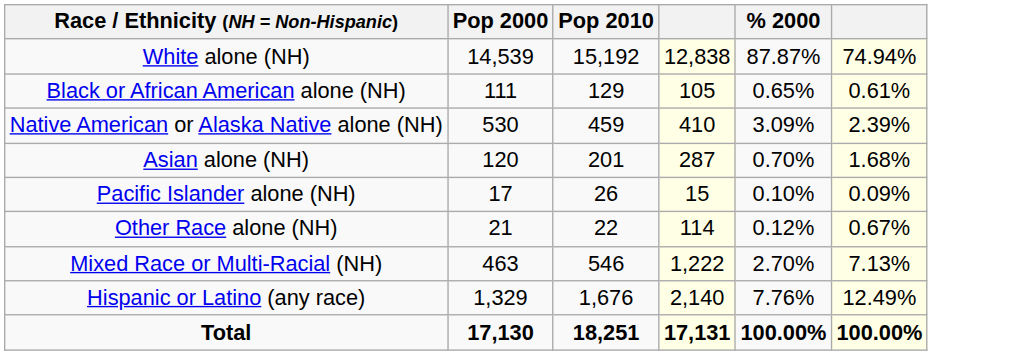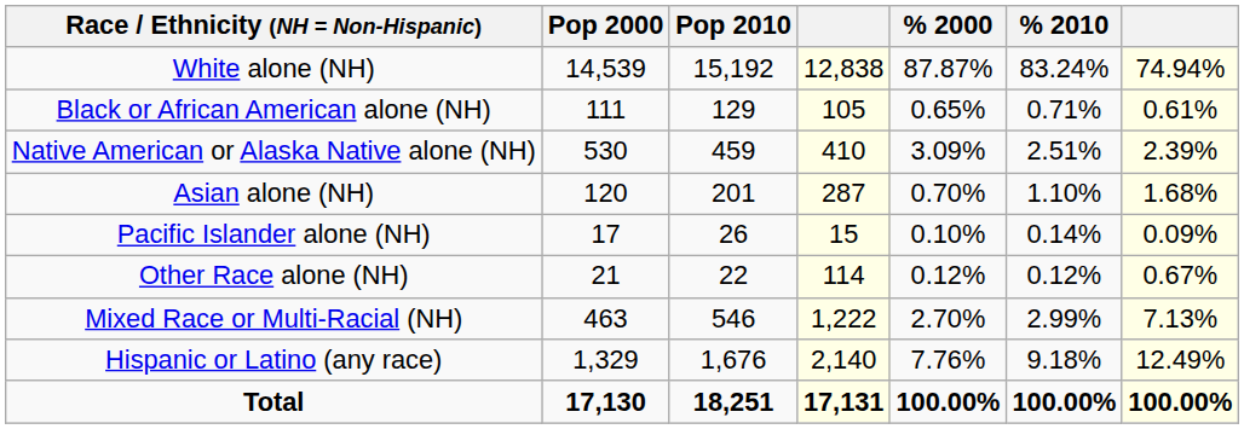 <table class="wikitable" style="text-align:center;">
 <tr>
 <th>Race / Ethnicity <small>(<em>NH = Non-Hispanic</em>)</small></th>
 <th>Pop 2000</th>
 <th>Pop 2010</th>
 <th></th>
 <th>% 2000</th>
+<th>% 2010</th>
 <th></th>
 </tr>
 <tr>
 <td><a href='#'>White</a> alone (NH)</td>
 <td>14,539</td>
 <td>15,192</td>
 <td style='background: #ffffe6;'>12,838</td>
 <td>87.87%</td>
+<td>83.24%</td>
 <td style='background: #ffffe6;'>74.94%</td>
 </tr>
 <tr>
 <td><a href='#'>Black or African American</a> alone (NH)</td>
 <td>111</td>
 <td>129</td>
 <td style='background: #ffffe6;'>105</td>
 <td>0.65%</td>
+<td>0.71%</td>
 <td style='background: #ffffe6;'>0.61%</td>
 </tr>
 <tr>
 <td><a href='#'>Native American</a> or <a href='#'>Alaska Native</a> alone (NH)</td>
 <td>530</td>
 <td>459</td>
 <td style='background: #ffffe6;'>410</td>
 <td>3.09%</td>
+<td>2.51%</td>
 <td style='background: #ffffe6;'>2.39%</td>
 </tr>
 <tr>
 <td><a href='#'>Asian</a> alone (NH)</td>
 <td>120</td>
 <td>201</td>
 <td style='background: #ffffe6;'>287</td>
 <td>0.70%</td>
+<td>1.10%</td>
 <td style='background: #ffffe6;'>1.68%</td>
 </tr>
 <tr>
 <td><a href='#'>Pacific Islander</a> alone (NH)</td>
 <td>17</td>
 <td>26</td>
 <td style='background: #ffffe6;'>15</td>
 <td>0.10%</td>
+<td>0.14%</td>
 <td style='background: #ffffe6;'>0.09%</td>
 </tr>
 <tr>
 <td><a href='#'>Other Race</a> alone (NH)</td>
 <td>21</td>
 <td>22</td>
 <td style='background: #ffffe6;'>114</td>
+<td>0.12%</td>
 <td>0.12%</td>
 <td style='background: #ffffe6;'>0.67%</td>
 </tr>
 <tr>
 <td><a href='#'>Mixed Race or Multi-Racial</a> (NH)</td>
 <td>463</td>
 <td>546</td>
 <td style='background: #ffffe6;'>1,222</td>
 <td>2.70%</td>
+<td>2.99%</td>
 <td style='background: #ffffe6;'>7.13%</td>
 </tr>
 <tr>
 <td><a href='#'>Hispanic or Latino</a> (any race)</td>
 <td>1,329</td>
 <td>1,676</td>
 <td style='background: #ffffe6;'>2,140</td>
 <td>7.76%</td>
+<td>9.18%</td>
 <td style='background: #ffffe6;'>12.49%</td>
 </tr>
 <tr>
 <td><strong>Total</strong></td>
 <td><strong>17,130</strong></td>
 <td><strong>18,251</strong></td>
 <td style='background: #ffffe6;'><strong>17,131</strong></td>
 <td><strong>100.00%</strong></td>
+<td><strong>100.00%</strong></td>
 <td style='background: #ffffe6;'><strong>100.00%</strong></td>
 </tr>
 </table>
